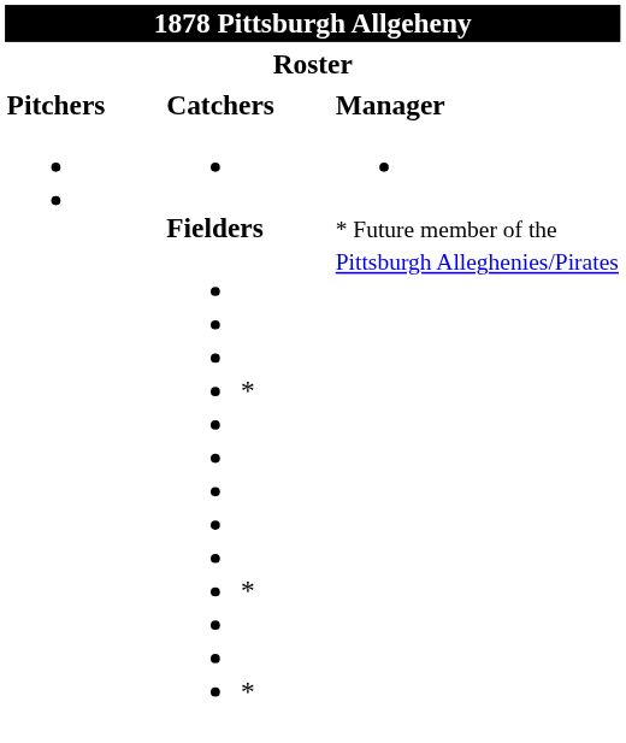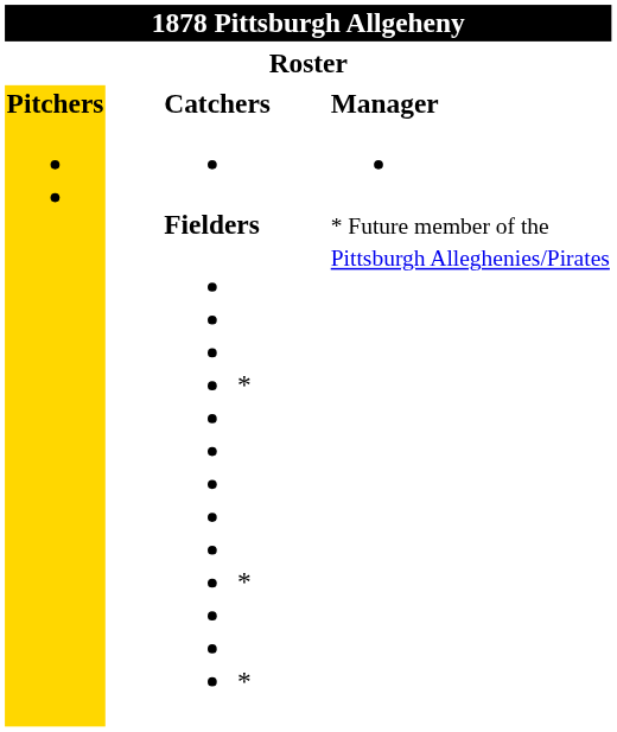 <table class="toccolours" style="font-size: 95%;">
 <tr>
 <th colspan="10" style="background-color: black; color: white; text-align: center;">1878 Pittsburgh Allgeheny</th>
 </tr>
 <tr>
 <td colspan="10" style="background-color: white; color: black; text-align: center;"><strong>Roster</strong></td>
 </tr>
 <tr>
-<td valign="top"><strong>Pitchers</strong><br><ul><li></li><li></li></ul></td>
+<td valign="top" style="background: gold;"><strong>Pitchers</strong><br><ul><li></li><li></li></ul></td>
 <td width="25px"></td>
 <td valign="top"><strong>Catchers</strong><br><ul><li></li></ul><strong>Fielders</strong><ul><li></li><li></li><li></li><li>*</li><li></li><li></li><li></li><li></li><li></li><li>*</li><li></li><li></li><li>*</li></ul></td>
 <td width="25px"></td>
 <td valign="top"><strong>Manager</strong><br><ul><li></li></ul><small> * Future member of the <br><a href='#'>Pittsburgh Alleghenies/Pirates</a></small></td>
 </tr>
 </table>
